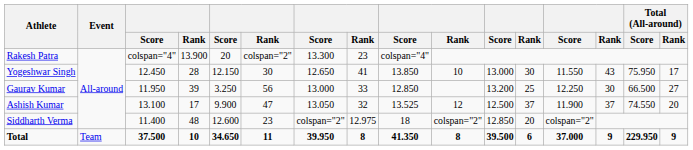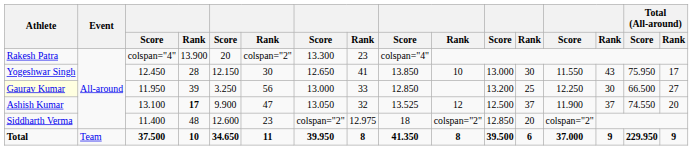 <table class=wikitable style="text-align:center; font-size:90%">
 <tr>
 <th rowspan="2">Athlete</th>
 <th rowspan="2">Event</th>
 <th colspan="2"></th>
 <th colspan="2"></th>
 <th colspan="2"></th>
 <th colspan="2"></th>
 <th colspan="2"></th>
 <th colspan="2"></th>
 <th colspan="2">Total<br>(All-around)</th>
 </tr>
 <tr>
 <th>Score</th>
 <th>Rank</th>
 <th>Score</th>
 <th>Rank</th>
 <th>Score</th>
 <th>Rank</th>
 <th>Score</th>
 <th>Rank</th>
 <th>Score</th>
 <th>Rank</th>
 <th>Score</th>
 <th>Rank</th>
 <th>Score</th>
 <th>Rank</th>
 </tr>
 <tr>
 <td align=left><a href='#'>Rakesh Patra</a></td>
 <td align=left rowspan="5"><a href='#'>All-around</a></td>
 <td>colspan="4" </td>
 <td>13.900</td>
 <td>20</td>
 <td>colspan="2" </td>
 <td>13.300</td>
 <td>23</td>
 <td>colspan="4" </td>
 </tr>
 <tr>
 <td align=left><a href='#'>Yogeshwar Singh</a></td>
 <td>12.450</td>
 <td>28</td>
 <td>12.150</td>
 <td>30</td>
 <td>12.650</td>
 <td>41</td>
 <td>13.850</td>
 <td>10</td>
 <td>13.000</td>
 <td>30</td>
 <td>11.550</td>
 <td>43</td>
 <td>75.950</td>
 <td>17</td>
 </tr>
 <tr>
-<td align=left><a href='#'>Gaurav Kumar</a></td>
+<td align=left style="background: lightyellow;"><a href='#'>Gaurav Kumar</a></td>
 <td>11.950</td>
 <td>39</td>
 <td>3.250</td>
 <td>56</td>
 <td>13.000</td>
 <td>33</td>
 <td>12.850</td>
 <td></td>
 <td>13.200</td>
 <td>25</td>
 <td>12.250</td>
 <td>30</td>
 <td>66.500</td>
 <td>27</td>
 </tr>
 <tr>
 <td align=left><a href='#'>Ashish Kumar</a></td>
 <td>13.100</td>
-<td>17</td>
+<td><strong>17</strong></td>
 <td>9.900</td>
 <td>47</td>
 <td>13.050</td>
 <td>32</td>
 <td>13.525</td>
 <td>12</td>
 <td>12.500</td>
 <td>37</td>
 <td>11.900</td>
 <td>37</td>
 <td>74.550</td>
 <td>20</td>
 </tr>
 <tr>
 <td align=left><a href='#'>Siddharth Verma</a></td>
 <td>11.400</td>
 <td>48</td>
 <td>12.600</td>
 <td>23</td>
 <td>colspan="2" </td>
 <td>12.975</td>
 <td>18</td>
 <td>colspan="2" </td>
 <td>12.850</td>
 <td>20</td>
 <td>colspan="2" </td>
 </tr>
 <tr>
 <td align=left><strong>Total</strong></td>
 <td align=left><a href='#'>Team</a></td>
 <td><strong>37.500</strong></td>
 <td><strong>10</strong></td>
 <td><strong>34.650</strong></td>
 <td><strong>11</strong></td>
 <td><strong>39.950</strong></td>
 <td><strong>8</strong></td>
 <td><strong>41.350</strong></td>
 <td><strong>8</strong></td>
 <td><strong>39.500</strong></td>
 <td><strong>6</strong></td>
 <td><strong>37.000</strong></td>
 <td><strong>9</strong></td>
 <td><strong>229.950</strong></td>
 <td><strong>9</strong></td>
 </tr>
 </table>
